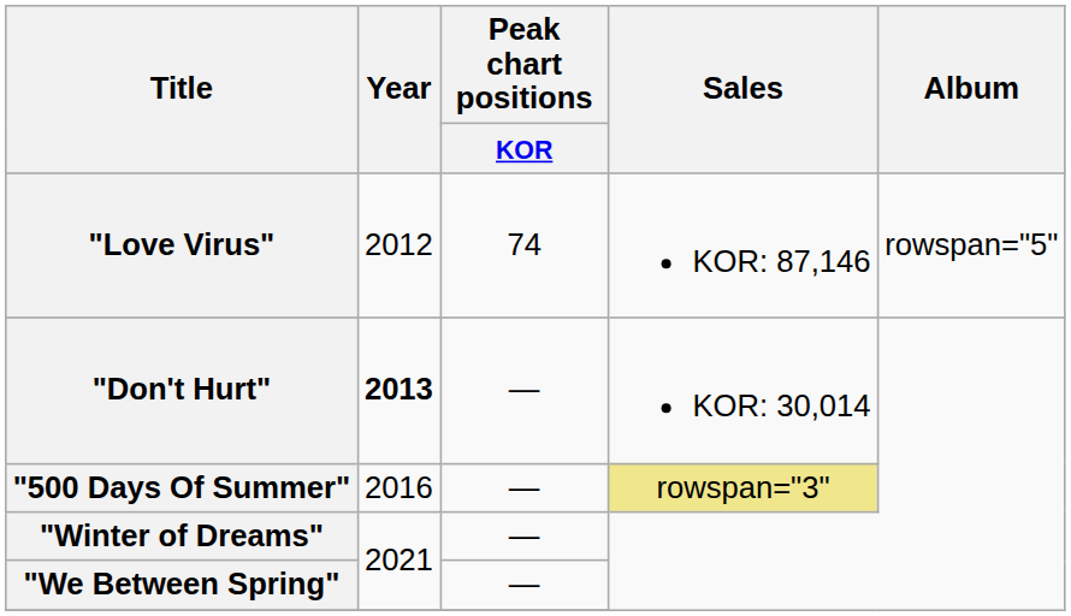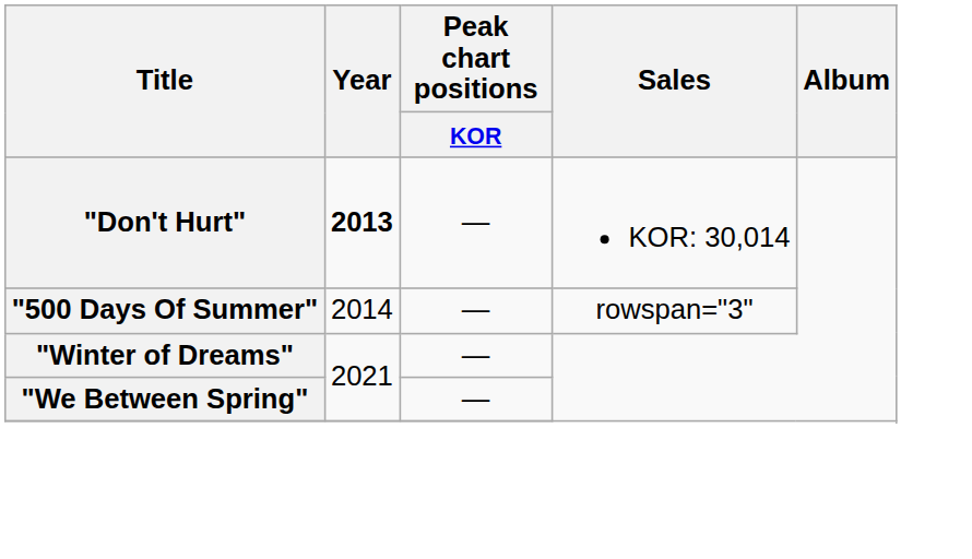 <table class="wikitable plainrowheaders" style="text-align:center;">
 <tr>
 <th scope="col" rowspan="2">Title</th>
 <th scope="col" rowspan="2">Year</th>
 <th scope="col" colspan="1" style="width:5em;">Peak chart positions</th>
 <th scope="col" rowspan="2">Sales</th>
 <th scope="col" rowspan="2">Album</th>
 </tr>
 <tr>
 <th><small><a href='#'>KOR</a></small><br></th>
 </tr>
 <tr>
-<th scope="row">"Love Virus" <br></th>
-<td>2012</td>
-<td>74</td>
-<td><br><ul><li>KOR: 87,146</li></ul></td>
-<td>rowspan="5" </td>
-</tr>
-<tr>
 <th scope="row">"Don't Hurt" <br></th>
 <td><strong>2013</strong></td>
 <td>—</td>
 <td><br><ul><li>KOR: 30,014</li></ul></td>
 </tr>
 <tr>
 <th scope="row">"500 Days Of Summer" <br></th>
-<td>2016</td>
+<td>2014</td>
 <td>—</td>
-<td style="background: khaki;">rowspan="3" </td>
+<td>rowspan="3" </td>
 </tr>
 <tr>
 <th scope="row">"Winter of Dreams" <br></th>
 <td rowspan="2">2021</td>
 <td>—</td>
 </tr>
 <tr>
 <th scope="row">"We Between Spring" <br></th>
 <td>—</td>
 </tr>
 <tr>
 </tr>
 </table>
